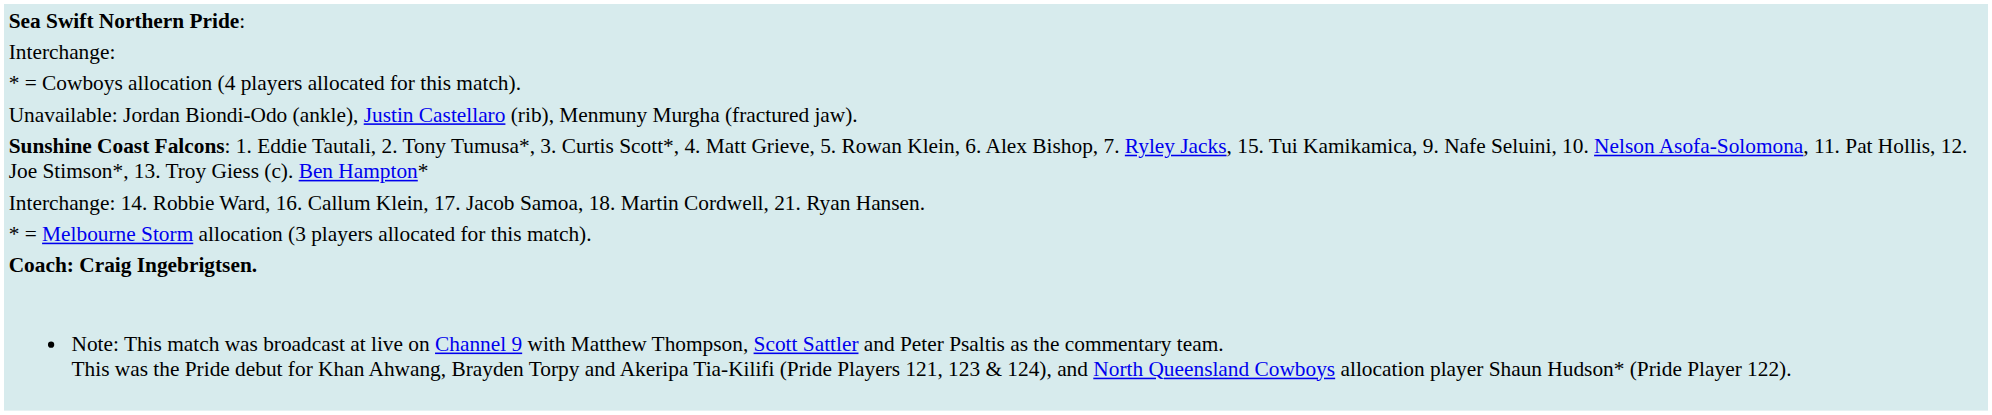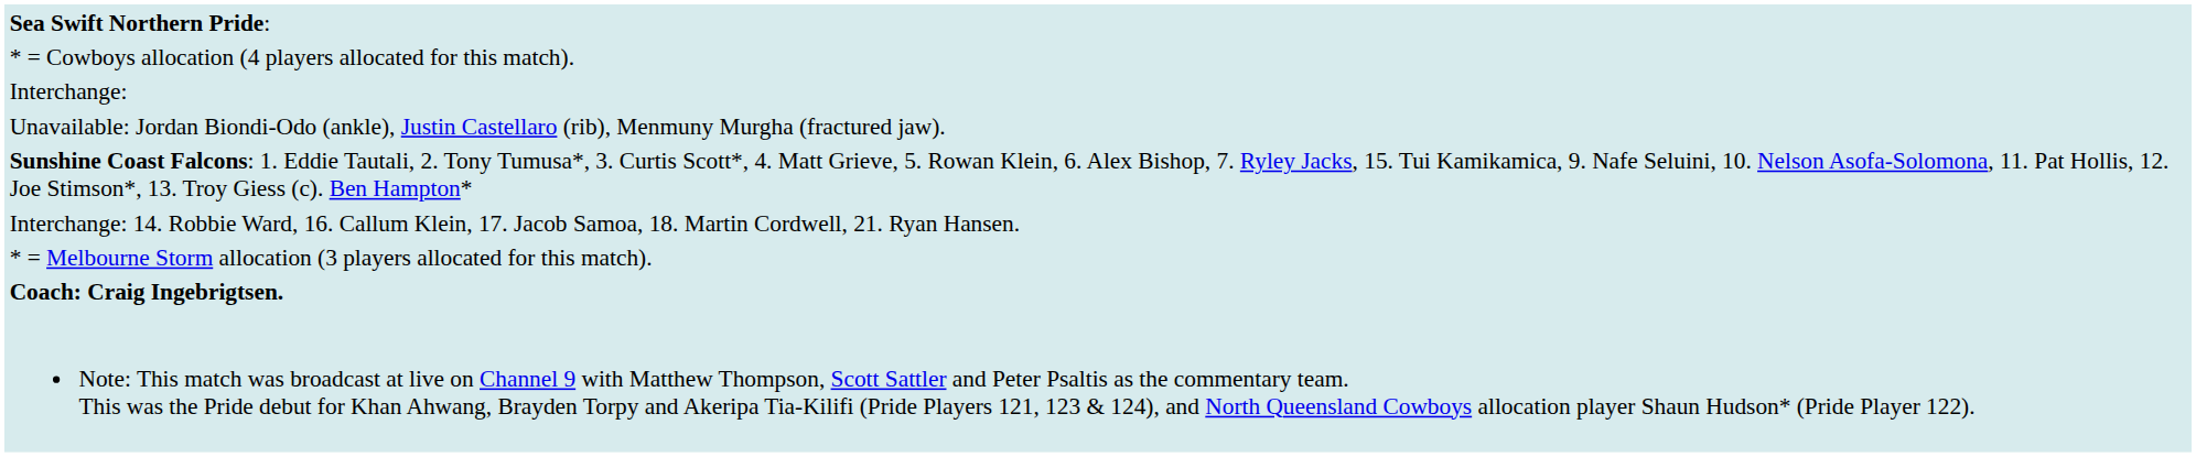 <table style="background:#d7ebed; font-size:85%; width:100%;">
 <tr>
 <td><strong>Sea Swift Northern Pride</strong>:             </td>
 </tr>
 <tr>
-<td>Interchange:    </td>
+<td>* = Cowboys allocation (4 players allocated for this match).</td>
 </tr>
 <tr>
-<td>* = Cowboys allocation (4 players allocated for this match).</td>
+<td>Interchange:    </td>
 </tr>
 <tr>
 <td>Unavailable: Jordan Biondi-Odo (ankle), <a href='#'>Justin Castellaro</a> (rib), Menmuny Murgha (fractured jaw).</td>
 </tr>
 <tr>
 <td><strong>Sunshine Coast Falcons</strong>: 1. Eddie Tautali, 2. Tony Tumusa*, 3. Curtis Scott*, 4. Matt Grieve, 5. Rowan Klein, 6. Alex Bishop, 7. <a href='#'>Ryley Jacks</a>, 15. Tui Kamikamica, 9. Nafe Seluini, 10. <a href='#'>Nelson Asofa-Solomona</a>, 11. Pat Hollis, 12. Joe Stimson*, 13. Troy Giess (c). <a href='#'>Ben Hampton</a>*</td>
 </tr>
 <tr>
 <td>Interchange: 14. Robbie Ward, 16. Callum Klein, 17. Jacob Samoa, 18. Martin Cordwell, 21. Ryan Hansen.</td>
 </tr>
 <tr>
 <td>* = <a href='#'>Melbourne Storm</a> allocation (3 players allocated for this match).</td>
 </tr>
 <tr>
 <td><strong>Coach: Craig Ingebrigtsen.</strong></td>
 </tr>
 <tr>
 <td><br><ul><li>Note: This match was broadcast at live on <a href='#'>Channel 9</a> with Matthew Thompson, <a href='#'>Scott Sattler</a> and Peter Psaltis as the commentary team.<br>This was the Pride debut for Khan Ahwang, Brayden Torpy and Akeripa Tia-Kilifi (Pride Players 121, 123 & 124), and <a href='#'>North Queensland Cowboys</a> allocation player Shaun Hudson* (Pride Player 122).</li></ul></td>
 </tr>
 <tr>
 </tr>
 </table>
